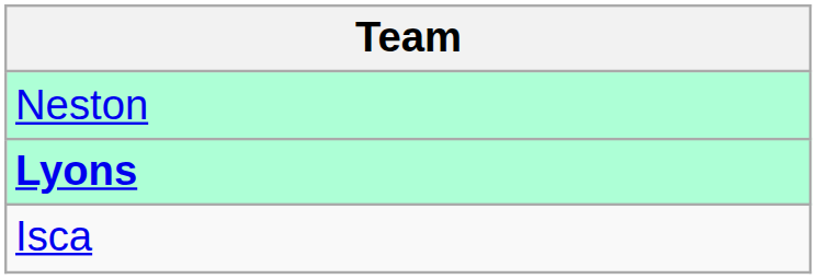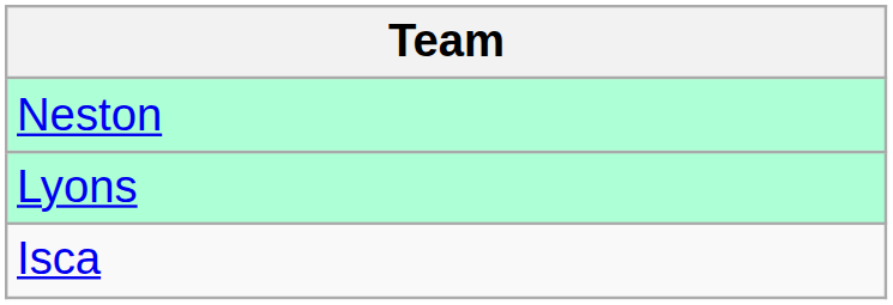 <table class="wikitable" style="font-size: 100%">
 <tr>
 <th width=300>Team</th>
 </tr>
 <tr align=center style="background: #ADFFD6;">
 <td align="left"><a href='#'>Neston</a></td>
 </tr>
 <tr align=center style="background: #ADFFD6;">
-<td align="left"><strong><a href='#'>Lyons</a></strong></td>
+<td align="left"><a href='#'>Lyons</a></td>
 </tr>
 <tr align=center>
 <td align="left"><a href='#'>Isca</a></td>
 </tr>
 </table>
